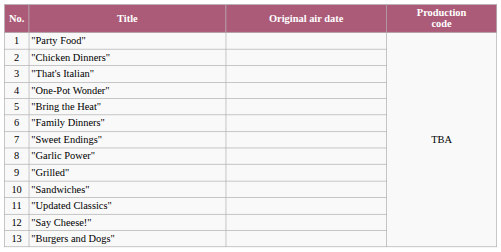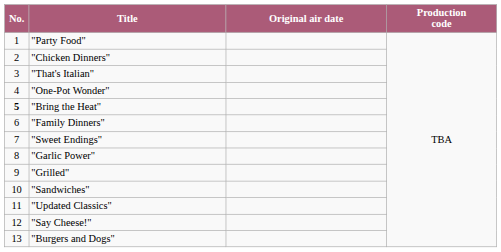 <table class="wikitable plainrowheaders" style="width:60%;">
 <tr>
 <th style="background-color: #ab5b78; color: #FFFFFF;" width=5%>No.</th>
 <th style="background-color: #ab5b78; color: #FFFFFF;" width=40%>Title</th>
 <th style="background-color: #ab5b78; color: #FFFFFF;">Original air date</th>
 <th style="background-color: #ab5b78; color: #FFFFFF;">Production<br>code</th>
 </tr>
 <tr>
 <td align=center>1</td>
 <td>"Party Food"</td>
 <td align=center></td>
 <td align=center rowspan=13>TBA</td>
 </tr>
 <tr>
 <td align=center>2</td>
 <td>"Chicken Dinners"</td>
 <td align=center></td>
 </tr>
 <tr>
 <td align=center>3</td>
 <td>"That's Italian"</td>
 <td align=center></td>
 </tr>
 <tr>
 <td align=center>4</td>
 <td>"One-Pot Wonder"</td>
 <td align=center></td>
 </tr>
 <tr>
-<td align=center>5</td>
+<td align=center><strong>5</strong></td>
 <td>"Bring the Heat"</td>
 <td align=center></td>
 </tr>
 <tr>
 <td align=center>6</td>
 <td>"Family Dinners"</td>
 <td align=center></td>
 </tr>
 <tr>
 <td align=center>7</td>
 <td>"Sweet Endings"</td>
 <td align=center></td>
 </tr>
 <tr>
 <td align=center>8</td>
 <td>"Garlic Power"</td>
 <td align=center></td>
 </tr>
 <tr>
 <td align=center>9</td>
 <td>"Grilled"</td>
 <td align=center></td>
 </tr>
 <tr>
 <td align=center>10</td>
 <td>"Sandwiches"</td>
 <td align=center></td>
 </tr>
 <tr>
 <td align=center>11</td>
 <td>"Updated Classics"</td>
 <td align=center></td>
 </tr>
 <tr>
 <td align=center>12</td>
 <td>"Say Cheese!"</td>
 <td align=center></td>
 </tr>
 <tr>
 <td align=center>13</td>
 <td>"Burgers and Dogs"</td>
 <td align=center></td>
 </tr>
 </table>
